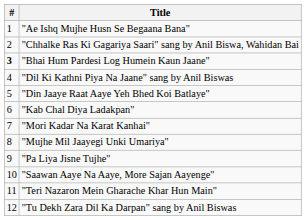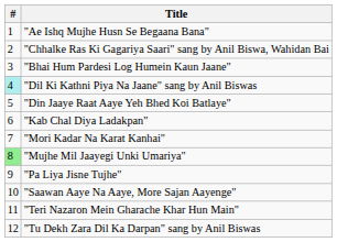 <table class="wikitable">
 <tr>
 <th>#</th>
 <th>Title</th>
 </tr>
 <tr>
 <td>1</td>
 <td>"Ae Ishq Mujhe Husn Se Begaana Bana"</td>
 </tr>
 <tr>
 <td>2</td>
 <td>"Chhalke Ras Ki Gagariya Saari" sang by Anil Biswa, Wahidan Bai</td>
 </tr>
 <tr>
-<td><strong>3</strong></td>
+<td>3</td>
 <td>"Bhai Hum Pardesi Log Humein Kaun Jaane"</td>
 </tr>
 <tr>
-<td>4</td>
+<td style="background: paleturquoise;">4</td>
 <td>"Dil Ki Kathni Piya Na Jaane" sang by Anil Biswas</td>
 </tr>
 <tr>
 <td>5</td>
 <td>"Din Jaaye Raat Aaye Yeh Bhed Koi Batlaye"</td>
 </tr>
 <tr>
 <td>6</td>
 <td>"Kab Chal Diya Ladakpan"</td>
 </tr>
 <tr>
 <td>7</td>
 <td>"Mori Kadar Na Karat Kanhai"</td>
 </tr>
 <tr>
-<td>8</td>
+<td style="background: lightgreen;">8</td>
 <td>"Mujhe Mil Jaayegi Unki Umariya"</td>
 </tr>
 <tr>
 <td>9</td>
 <td>"Pa Liya Jisne Tujhe"</td>
 </tr>
 <tr>
 <td>10</td>
 <td>"Saawan Aaye Na Aaye, More Sajan Aayenge"</td>
 </tr>
 <tr>
 <td>11</td>
 <td>"Teri Nazaron Mein Gharache Khar Hun Main"</td>
 </tr>
 <tr>
 <td>12</td>
 <td>"Tu Dekh Zara Dil Ka Darpan" sang by Anil Biswas</td>
 </tr>
 </table>
